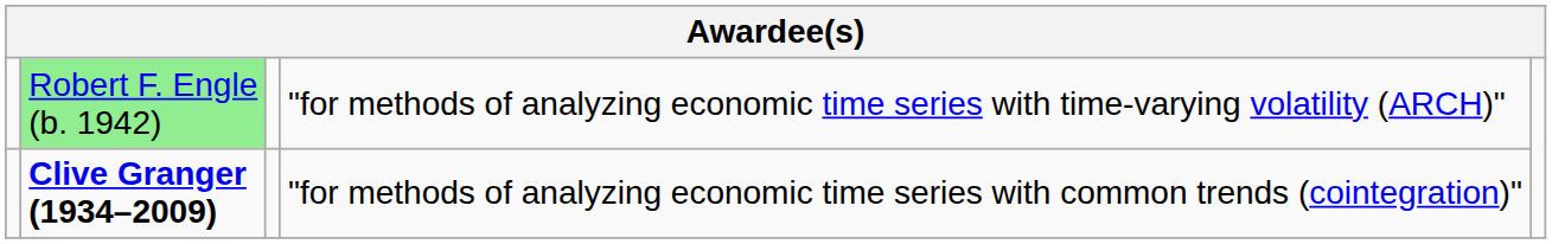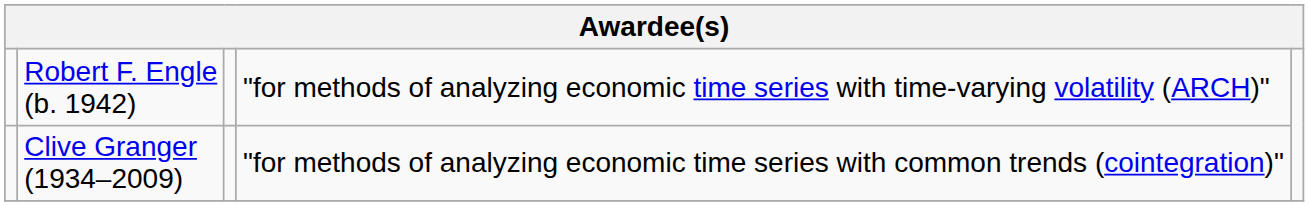 <table class="wikitable">
 <tr>
 <th colspan="5">Awardee(s)</th>
 </tr>
 <tr>
 <td></td>
-<td style="background: lightgreen;"><a href='#'>Robert F. Engle</a><br>(b. 1942)</td>
+<td><a href='#'>Robert F. Engle</a><br>(b. 1942)</td>
 <td></td>
 <td>"for methods of analyzing economic <a href='#'>time series</a> with time-varying <a href='#'>volatility</a> (<a href='#'>ARCH</a>)"</td>
 <td rowspan="2"></td>
 </tr>
 <tr>
 <td></td>
-<td><strong><a href='#'>Clive Granger</a><br>(1934–2009)</strong></td>
+<td><a href='#'>Clive Granger</a><br>(1934–2009)</td>
 <td></td>
 <td>"for methods of analyzing economic time series with common trends (<a href='#'>cointegration</a>)"</td>
 </tr>
 </table>
